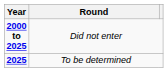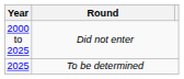 <table class="wikitable" style="text-align: center; font-size:90%">
 <tr>
 <th>Year</th>
 <th style="width:200px">Round</th>
 <th></th>
 </tr>
 <tr>
-<td><strong><a href='#'>2000</a><br>to<br><a href='#'>2025</a></strong></td>
+<td><a href='#'>2000</a><br>to<br><a href='#'>2025</a></td>
 <td colspan="2"><em>Did not enter</em></td>
 </tr>
 <tr>
-<td><strong><a href='#'>2025</a></strong></td>
+<td><a href='#'>2025</a></td>
 <td colspan="2"><em>To be determined</em></td>
 </tr>
 </table>
